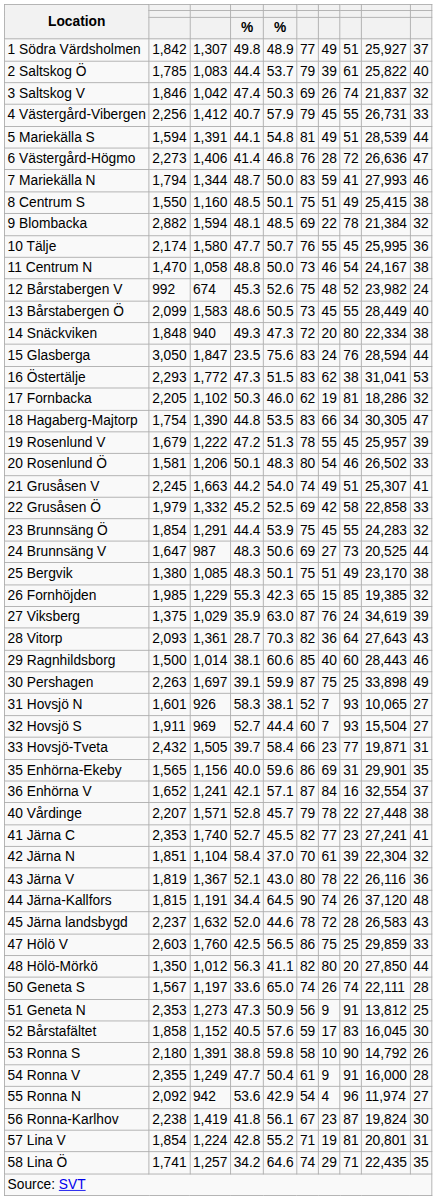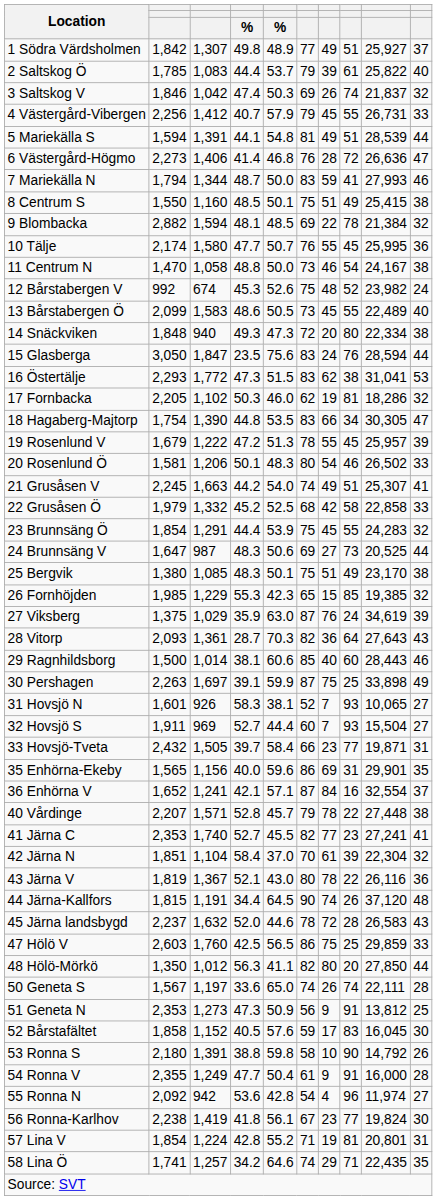 <table role="presentation" class="wikitable sortable mw-collapsible mw-collapsed">
 <tr>
 <th rowspan="3">Location</th>
 <th></th>
 <th></th>
 <th></th>
 <th></th>
 <th></th>
 <th></th>
 <th></th>
 <th></th>
 <th></th>
 </tr>
 <tr>
 <th></th>
 <th></th>
 <th style="background:"></th>
 <th style="background:"></th>
 <th></th>
 <th></th>
 <th></th>
 <th></th>
 <th></th>
 </tr>
 <tr>
 <th data-sort-type="number"></th>
 <th data-sort-type="number"></th>
 <th data-sort-type="number">%</th>
 <th data-sort-type="number">%</th>
 <th data-sort-type="number"></th>
 <th data-sort-type="number"></th>
 <th data-sort-type="number"></th>
 <th data-sort-type="number"></th>
 <th data-sort-type="number"></th>
 </tr>
 <tr>
 <td align="left">1 Södra Värdsholmen</td>
 <td>1,842</td>
 <td>1,307</td>
 <td>49.8</td>
 <td>48.9</td>
 <td>77</td>
 <td>49</td>
 <td>51</td>
 <td>25,927</td>
 <td>37</td>
 </tr>
 <tr>
 <td align="left">2 Saltskog Ö</td>
 <td>1,785</td>
 <td>1,083</td>
 <td>44.4</td>
 <td>53.7</td>
 <td>79</td>
 <td>39</td>
 <td>61</td>
 <td>25,822</td>
 <td>40</td>
 </tr>
 <tr>
 <td align="left">3 Saltskog V</td>
 <td>1,846</td>
 <td>1,042</td>
 <td>47.4</td>
 <td>50.3</td>
 <td>69</td>
 <td>26</td>
 <td>74</td>
 <td>21,837</td>
 <td>32</td>
 </tr>
 <tr>
 <td align="left">4 Västergård-Vibergen</td>
 <td>2,256</td>
 <td>1,412</td>
 <td>40.7</td>
 <td>57.9</td>
 <td>79</td>
 <td>45</td>
 <td>55</td>
 <td>26,731</td>
 <td>33</td>
 </tr>
 <tr>
 <td align="left">5 Mariekälla S</td>
 <td>1,594</td>
 <td>1,391</td>
 <td>44.1</td>
 <td>54.8</td>
 <td>81</td>
 <td>49</td>
 <td>51</td>
 <td>28,539</td>
 <td>44</td>
 </tr>
 <tr>
 <td align="left">6 Västergård-Högmo</td>
 <td>2,273</td>
 <td>1,406</td>
 <td>41.4</td>
 <td>46.8</td>
 <td>76</td>
 <td>28</td>
 <td>72</td>
 <td>26,636</td>
 <td>47</td>
 </tr>
 <tr>
 <td align="left">7 Mariekälla N</td>
 <td>1,794</td>
 <td>1,344</td>
 <td>48.7</td>
 <td>50.0</td>
 <td>83</td>
 <td>59</td>
 <td>41</td>
 <td>27,993</td>
 <td>46</td>
 </tr>
 <tr>
 <td align="left">8 Centrum S</td>
 <td>1,550</td>
 <td>1,160</td>
 <td>48.5</td>
 <td>50.1</td>
 <td>75</td>
 <td>51</td>
 <td>49</td>
 <td>25,415</td>
 <td>38</td>
 </tr>
 <tr>
 <td align="left">9 Blombacka</td>
 <td>2,882</td>
 <td>1,594</td>
 <td>48.1</td>
 <td>48.5</td>
 <td>69</td>
 <td>22</td>
 <td>78</td>
 <td>21,384</td>
 <td>32</td>
 </tr>
 <tr>
 <td align="left">10 Tälje</td>
 <td>2,174</td>
 <td>1,580</td>
 <td>47.7</td>
 <td>50.7</td>
 <td>76</td>
 <td>55</td>
 <td>45</td>
 <td>25,995</td>
 <td>36</td>
 </tr>
 <tr>
 <td align="left">11 Centrum N</td>
 <td>1,470</td>
 <td>1,058</td>
 <td>48.8</td>
 <td>50.0</td>
 <td>73</td>
 <td>46</td>
 <td>54</td>
 <td>24,167</td>
 <td>38</td>
 </tr>
 <tr>
 <td align="left">12 Bårstabergen V</td>
 <td>992</td>
 <td>674</td>
 <td>45.3</td>
 <td>52.6</td>
 <td>75</td>
 <td>48</td>
 <td>52</td>
 <td>23,982</td>
 <td>24</td>
 </tr>
 <tr>
 <td align="left">13 Bårstabergen Ö</td>
 <td>2,099</td>
 <td>1,583</td>
 <td>48.6</td>
 <td>50.5</td>
 <td>73</td>
 <td>45</td>
 <td>55</td>
-<td>28,449</td>
+<td>22,489</td>
 <td>40</td>
 </tr>
 <tr>
 <td align="left">14 Snäckviken</td>
 <td>1,848</td>
 <td>940</td>
 <td>49.3</td>
 <td>47.3</td>
 <td>72</td>
 <td>20</td>
 <td>80</td>
 <td>22,334</td>
 <td>38</td>
 </tr>
 <tr>
 <td align="left">15 Glasberga</td>
 <td>3,050</td>
 <td>1,847</td>
 <td>23.5</td>
 <td>75.6</td>
 <td>83</td>
 <td>24</td>
 <td>76</td>
 <td>28,594</td>
 <td>44</td>
 </tr>
 <tr>
 <td align="left">16 Östertälje</td>
 <td>2,293</td>
 <td>1,772</td>
 <td>47.3</td>
 <td>51.5</td>
 <td>83</td>
 <td>62</td>
 <td>38</td>
 <td>31,041</td>
 <td>53</td>
 </tr>
 <tr>
 <td align="left">17 Fornbacka</td>
 <td>2,205</td>
 <td>1,102</td>
 <td>50.3</td>
 <td>46.0</td>
 <td>62</td>
 <td>19</td>
 <td>81</td>
 <td>18,286</td>
 <td>32</td>
 </tr>
 <tr>
 <td align="left">18 Hagaberg-Majtorp</td>
 <td>1,754</td>
 <td>1,390</td>
 <td>44.8</td>
 <td>53.5</td>
 <td>83</td>
 <td>66</td>
 <td>34</td>
 <td>30,305</td>
 <td>47</td>
 </tr>
 <tr>
 <td align="left">19 Rosenlund V</td>
 <td>1,679</td>
 <td>1,222</td>
 <td>47.2</td>
 <td>51.3</td>
 <td>78</td>
 <td>55</td>
 <td>45</td>
 <td>25,957</td>
 <td>39</td>
 </tr>
 <tr>
 <td align="left">20 Rosenlund Ö</td>
 <td>1,581</td>
 <td>1,206</td>
 <td>50.1</td>
 <td>48.3</td>
 <td>80</td>
 <td>54</td>
 <td>46</td>
 <td>26,502</td>
 <td>33</td>
 </tr>
 <tr>
 <td align="left">21 Grusåsen V</td>
 <td>2,245</td>
 <td>1,663</td>
 <td>44.2</td>
 <td>54.0</td>
 <td>74</td>
 <td>49</td>
 <td>51</td>
 <td>25,307</td>
 <td>41</td>
 </tr>
 <tr>
 <td align="left">22 Grusåsen Ö</td>
 <td>1,979</td>
 <td>1,332</td>
 <td>45.2</td>
 <td>52.5</td>
-<td>69</td>
+<td>68</td>
 <td>42</td>
 <td>58</td>
 <td>22,858</td>
 <td>33</td>
 </tr>
 <tr>
 <td align="left">23 Brunnsäng Ö</td>
 <td>1,854</td>
 <td>1,291</td>
 <td>44.4</td>
 <td>53.9</td>
 <td>75</td>
 <td>45</td>
 <td>55</td>
 <td>24,283</td>
 <td>32</td>
 </tr>
 <tr>
 <td align="left">24 Brunnsäng V</td>
 <td>1,647</td>
 <td>987</td>
 <td>48.3</td>
 <td>50.6</td>
 <td>69</td>
 <td>27</td>
 <td>73</td>
 <td>20,525</td>
 <td>44</td>
 </tr>
 <tr>
 <td align="left">25 Bergvik</td>
 <td>1,380</td>
 <td>1,085</td>
 <td>48.3</td>
 <td>50.1</td>
 <td>75</td>
 <td>51</td>
 <td>49</td>
 <td>23,170</td>
 <td>38</td>
 </tr>
 <tr>
 <td align="left">26 Fornhöjden</td>
 <td>1,985</td>
 <td>1,229</td>
 <td>55.3</td>
 <td>42.3</td>
 <td>65</td>
 <td>15</td>
 <td>85</td>
 <td>19,385</td>
 <td>32</td>
 </tr>
 <tr>
 <td align="left">27 Viksberg</td>
 <td>1,375</td>
 <td>1,029</td>
 <td>35.9</td>
 <td>63.0</td>
 <td>87</td>
 <td>76</td>
 <td>24</td>
 <td>34,619</td>
 <td>39</td>
 </tr>
 <tr>
 <td align="left">28 Vitorp</td>
 <td>2,093</td>
 <td>1,361</td>
 <td>28.7</td>
 <td>70.3</td>
 <td>82</td>
 <td>36</td>
 <td>64</td>
 <td>27,643</td>
 <td>43</td>
 </tr>
 <tr>
 <td align="left">29 Ragnhildsborg</td>
 <td>1,500</td>
 <td>1,014</td>
 <td>38.1</td>
 <td>60.6</td>
 <td>85</td>
 <td>40</td>
 <td>60</td>
 <td>28,443</td>
 <td>46</td>
 </tr>
 <tr>
 <td align="left">30 Pershagen</td>
 <td>2,263</td>
 <td>1,697</td>
 <td>39.1</td>
 <td>59.9</td>
 <td>87</td>
 <td>75</td>
 <td>25</td>
 <td>33,898</td>
 <td>49</td>
 </tr>
 <tr>
 <td align="left">31 Hovsjö N</td>
 <td>1,601</td>
 <td>926</td>
 <td>58.3</td>
 <td>38.1</td>
 <td>52</td>
 <td>7</td>
 <td>93</td>
 <td>10,065</td>
 <td>27</td>
 </tr>
 <tr>
 <td align="left">32 Hovsjö S</td>
 <td>1,911</td>
 <td>969</td>
 <td>52.7</td>
 <td>44.4</td>
 <td>60</td>
 <td>7</td>
 <td>93</td>
 <td>15,504</td>
 <td>27</td>
 </tr>
 <tr>
 <td align="left">33 Hovsjö-Tveta</td>
 <td>2,432</td>
 <td>1,505</td>
 <td>39.7</td>
 <td>58.4</td>
 <td>66</td>
 <td>23</td>
 <td>77</td>
 <td>19,871</td>
 <td>31</td>
 </tr>
 <tr>
 <td align="left">35 Enhörna-Ekeby</td>
 <td>1,565</td>
 <td>1,156</td>
 <td>40.0</td>
 <td>59.6</td>
 <td>86</td>
 <td>69</td>
 <td>31</td>
 <td>29,901</td>
 <td>35</td>
 </tr>
 <tr>
 <td align="left">36 Enhörna V</td>
 <td>1,652</td>
 <td>1,241</td>
 <td>42.1</td>
 <td>57.1</td>
 <td>87</td>
 <td>84</td>
 <td>16</td>
 <td>32,554</td>
 <td>37</td>
 </tr>
 <tr>
 <td align="left">40 Vårdinge</td>
 <td>2,207</td>
 <td>1,571</td>
 <td>52.8</td>
 <td>45.7</td>
 <td>79</td>
 <td>78</td>
 <td>22</td>
 <td>27,448</td>
 <td>38</td>
 </tr>
 <tr>
 <td align="left">41 Järna C</td>
 <td>2,353</td>
 <td>1,740</td>
 <td>52.7</td>
 <td>45.5</td>
 <td>82</td>
 <td>77</td>
 <td>23</td>
 <td>27,241</td>
 <td>41</td>
 </tr>
 <tr>
 <td align="left">42 Järna N</td>
 <td>1,851</td>
 <td>1,104</td>
 <td>58.4</td>
 <td>37.0</td>
 <td>70</td>
 <td>61</td>
 <td>39</td>
 <td>22,304</td>
 <td>32</td>
 </tr>
 <tr>
 <td align="left">43 Järna V</td>
 <td>1,819</td>
 <td>1,367</td>
 <td>52.1</td>
 <td>43.0</td>
 <td>80</td>
 <td>78</td>
 <td>22</td>
 <td>26,116</td>
 <td>36</td>
 </tr>
 <tr>
 <td align="left">44 Järna-Kallfors</td>
 <td>1,815</td>
 <td>1,191</td>
 <td>34.4</td>
 <td>64.5</td>
 <td>90</td>
 <td>74</td>
 <td>26</td>
 <td>37,120</td>
 <td>48</td>
 </tr>
 <tr>
 <td align="left">45 Järna landsbygd</td>
 <td>2,237</td>
 <td>1,632</td>
 <td>52.0</td>
 <td>44.6</td>
 <td>78</td>
 <td>72</td>
 <td>28</td>
 <td>26,583</td>
 <td>43</td>
 </tr>
 <tr>
 <td align="left">47 Hölö V</td>
 <td>2,603</td>
 <td>1,760</td>
 <td>42.5</td>
 <td>56.5</td>
 <td>86</td>
 <td>75</td>
 <td>25</td>
 <td>29,859</td>
 <td>33</td>
 </tr>
 <tr>
 <td align="left">48 Hölö-Mörkö</td>
 <td>1,350</td>
 <td>1,012</td>
 <td>56.3</td>
 <td>41.1</td>
 <td>82</td>
 <td>80</td>
 <td>20</td>
 <td>27,850</td>
 <td>44</td>
 </tr>
 <tr>
 <td align="left">50 Geneta S</td>
 <td>1,567</td>
 <td>1,197</td>
 <td>33.6</td>
 <td>65.0</td>
 <td>74</td>
 <td>26</td>
 <td>74</td>
 <td>22,111</td>
 <td>28</td>
 </tr>
 <tr>
 <td align="left">51 Geneta N</td>
 <td>2,353</td>
 <td>1,273</td>
 <td>47.3</td>
 <td>50.9</td>
 <td>56</td>
 <td>9</td>
 <td>91</td>
 <td>13,812</td>
 <td>25</td>
 </tr>
 <tr>
 <td align="left">52 Bårstafältet</td>
 <td>1,858</td>
 <td>1,152</td>
 <td>40.5</td>
 <td>57.6</td>
 <td>59</td>
 <td>17</td>
 <td>83</td>
 <td>16,045</td>
 <td>30</td>
 </tr>
 <tr>
 <td align="left">53 Ronna S</td>
 <td>2,180</td>
 <td>1,391</td>
 <td>38.8</td>
 <td>59.8</td>
 <td>58</td>
 <td>10</td>
 <td>90</td>
 <td>14,792</td>
 <td>26</td>
 </tr>
 <tr>
 <td align="left">54 Ronna V</td>
 <td>2,355</td>
 <td>1,249</td>
 <td>47.7</td>
 <td>50.4</td>
 <td>61</td>
 <td>9</td>
 <td>91</td>
 <td>16,000</td>
 <td>28</td>
 </tr>
 <tr>
 <td align="left">55 Ronna N</td>
 <td>2,092</td>
 <td>942</td>
 <td>53.6</td>
-<td>42.9</td>
+<td>42.8</td>
 <td>54</td>
 <td>4</td>
 <td>96</td>
 <td>11,974</td>
 <td>27</td>
 </tr>
 <tr>
 <td align="left">56 Ronna-Karlhov</td>
 <td>2,238</td>
 <td>1,419</td>
 <td>41.8</td>
 <td>56.1</td>
 <td>67</td>
 <td>23</td>
-<td>87</td>
+<td>77</td>
 <td>19,824</td>
 <td>30</td>
 </tr>
 <tr>
 <td align="left">57 Lina V</td>
 <td>1,854</td>
 <td>1,224</td>
 <td>42.8</td>
 <td>55.2</td>
 <td>71</td>
 <td>19</td>
 <td>81</td>
 <td>20,801</td>
 <td>31</td>
 </tr>
 <tr>
 <td align="left">58 Lina Ö</td>
 <td>1,741</td>
 <td>1,257</td>
 <td>34.2</td>
 <td>64.6</td>
 <td>74</td>
 <td>29</td>
 <td>71</td>
 <td>22,435</td>
 <td>35</td>
 </tr>
 <tr>
 <td colspan="10" align="left">Source: <a href='#'>SVT</a></td>
 </tr>
 </table>
